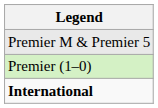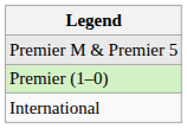 <table class="wikitable" style=font-size:90%>
 <tr>
 <th>Legend</th>
 </tr>
 <tr>
 <td style="background:#e9e9e9;">Premier M & Premier 5</td>
 </tr>
 <tr>
 <td style="background:#d4f1c5;">Premier (1–0)</td>
 </tr>
 <tr>
-<td><strong>International</strong></td>
+<td>International</td>
 </tr>
 </table>
